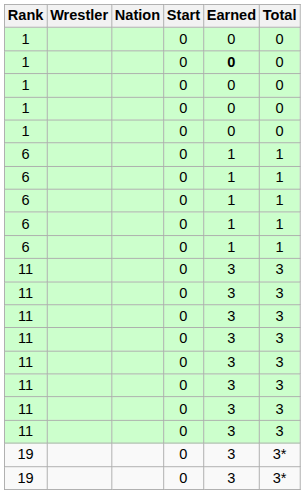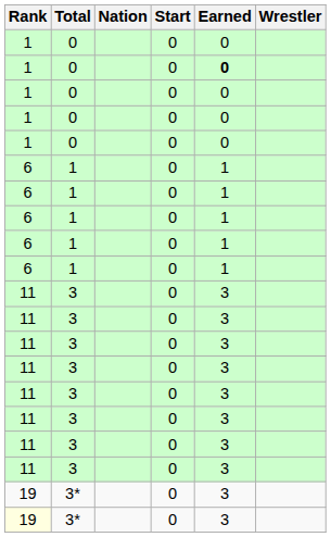 <table class="wikitable sortable" style="text-align:center;">
 <tr>
 <th>Rank</th>
-<th>Wrestler</th>
+<th>Total</th>
 <th>Nation</th>
 <th>Start</th>
 <th>Earned</th>
-<th>Total</th>
+<th>Wrestler</th>
 </tr>
 <tr style="background:#cfc;">
 <td>1</td>
-<td align=left></td>
+<td>0</td>
 <td align=left></td>
 <td>0</td>
 <td>0</td>
-<td>0</td>
+<td align=left></td>
 </tr>
 <tr style="background:#cfc;">
 <td>1</td>
-<td align=left></td>
+<td>0</td>
 <td align=left></td>
 <td>0</td>
 <td><strong>0</strong></td>
-<td>0</td>
+<td align=left></td>
 </tr>
 <tr style="background:#cfc;">
 <td>1</td>
-<td align=left></td>
+<td>0</td>
 <td align=left></td>
 <td>0</td>
 <td>0</td>
-<td>0</td>
+<td align=left></td>
 </tr>
 <tr style="background:#cfc;">
 <td>1</td>
-<td align=left></td>
+<td>0</td>
 <td align=left></td>
 <td>0</td>
 <td>0</td>
-<td>0</td>
+<td align=left></td>
 </tr>
 <tr style="background:#cfc;">
 <td>1</td>
-<td align=left></td>
+<td>0</td>
 <td align=left></td>
 <td>0</td>
 <td>0</td>
-<td>0</td>
+<td align=left></td>
 </tr>
 <tr style="background:#cfc;">
 <td>6</td>
-<td align=left></td>
+<td>1</td>
 <td align=left></td>
 <td>0</td>
 <td>1</td>
-<td>1</td>
+<td align=left></td>
 </tr>
 <tr style="background:#cfc;">
 <td>6</td>
-<td align=left></td>
+<td>1</td>
 <td align=left></td>
 <td>0</td>
 <td>1</td>
-<td>1</td>
+<td align=left></td>
 </tr>
 <tr style="background:#cfc;">
 <td>6</td>
-<td align=left></td>
+<td>1</td>
 <td align=left></td>
 <td>0</td>
 <td>1</td>
-<td>1</td>
+<td align=left></td>
 </tr>
 <tr style="background:#cfc;">
 <td>6</td>
-<td align=left></td>
+<td>1</td>
 <td align=left></td>
 <td>0</td>
 <td>1</td>
-<td>1</td>
+<td align=left></td>
 </tr>
 <tr style="background:#cfc;">
 <td>6</td>
-<td align=left></td>
+<td>1</td>
 <td align=left></td>
 <td>0</td>
 <td>1</td>
-<td>1</td>
+<td align=left></td>
 </tr>
 <tr style="background:#cfc;">
 <td>11</td>
-<td align=left></td>
+<td>3</td>
 <td align=left></td>
 <td>0</td>
 <td>3</td>
-<td>3</td>
+<td align=left></td>
 </tr>
 <tr style="background:#cfc;">
 <td>11</td>
-<td align=left></td>
+<td>3</td>
 <td align=left></td>
 <td>0</td>
 <td>3</td>
-<td>3</td>
+<td align=left></td>
 </tr>
 <tr style="background:#cfc;">
 <td>11</td>
-<td align=left></td>
+<td>3</td>
 <td align=left></td>
 <td>0</td>
 <td>3</td>
-<td>3</td>
+<td align=left></td>
 </tr>
 <tr style="background:#cfc;">
 <td>11</td>
-<td align=left></td>
+<td>3</td>
 <td align=left></td>
 <td>0</td>
 <td>3</td>
-<td>3</td>
+<td align=left></td>
 </tr>
 <tr style="background:#cfc;">
 <td>11</td>
-<td align=left></td>
+<td>3</td>
 <td align=left></td>
 <td>0</td>
 <td>3</td>
-<td>3</td>
+<td align=left></td>
 </tr>
 <tr style="background:#cfc;">
 <td>11</td>
-<td align=left></td>
+<td>3</td>
 <td align=left></td>
 <td>0</td>
 <td>3</td>
-<td>3</td>
+<td align=left></td>
 </tr>
 <tr style="background:#cfc;">
 <td>11</td>
-<td align=left></td>
+<td>3</td>
 <td align=left></td>
 <td>0</td>
 <td>3</td>
-<td>3</td>
+<td align=left></td>
 </tr>
 <tr style="background:#cfc;">
 <td>11</td>
-<td align=left></td>
+<td>3</td>
 <td align=left></td>
 <td>0</td>
 <td>3</td>
-<td>3</td>
+<td align=left></td>
 </tr>
 <tr>
 <td>19</td>
-<td align=left></td>
+<td>3*</td>
 <td align=left></td>
 <td>0</td>
 <td>3</td>
-<td>3*</td>
+<td align=left></td>
 </tr>
 <tr>
-<td>19</td>
-<td align=left></td>
+<td style="background: lightyellow;">19</td>
+<td>3*</td>
 <td align=left></td>
 <td>0</td>
 <td>3</td>
-<td>3*</td>
+<td align=left></td>
 </tr>
 </table>
